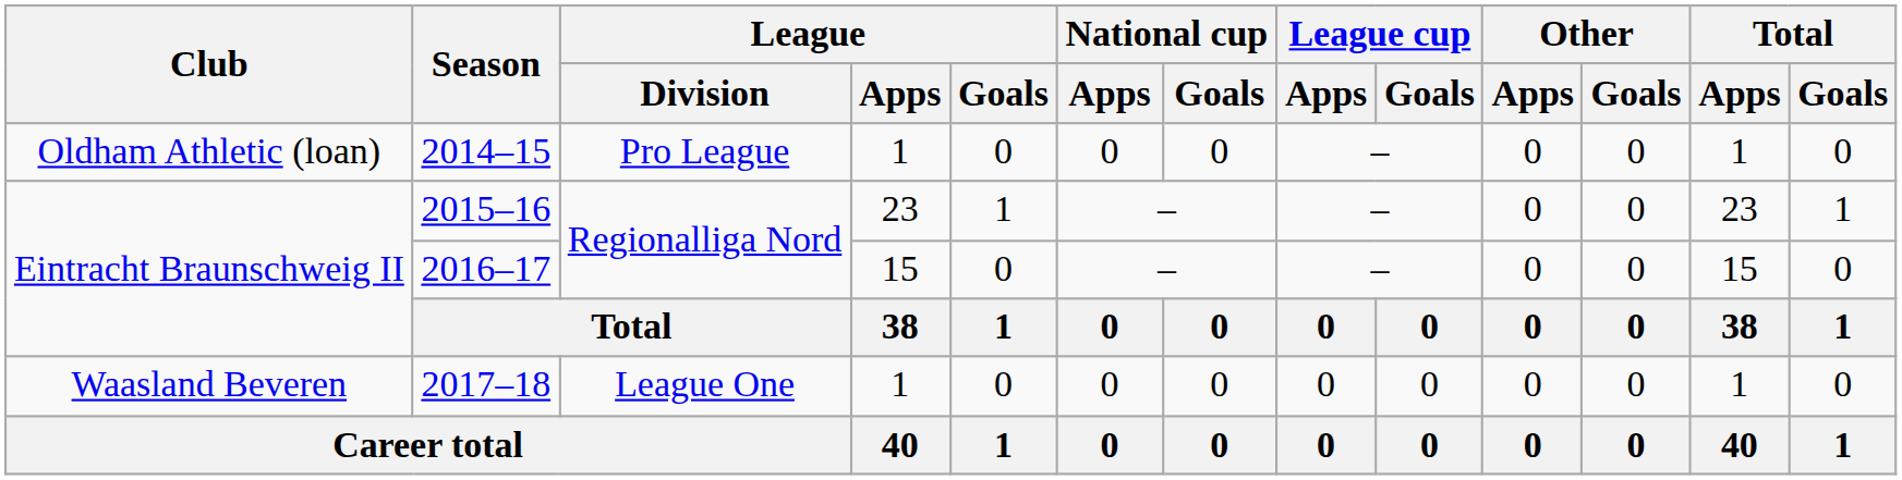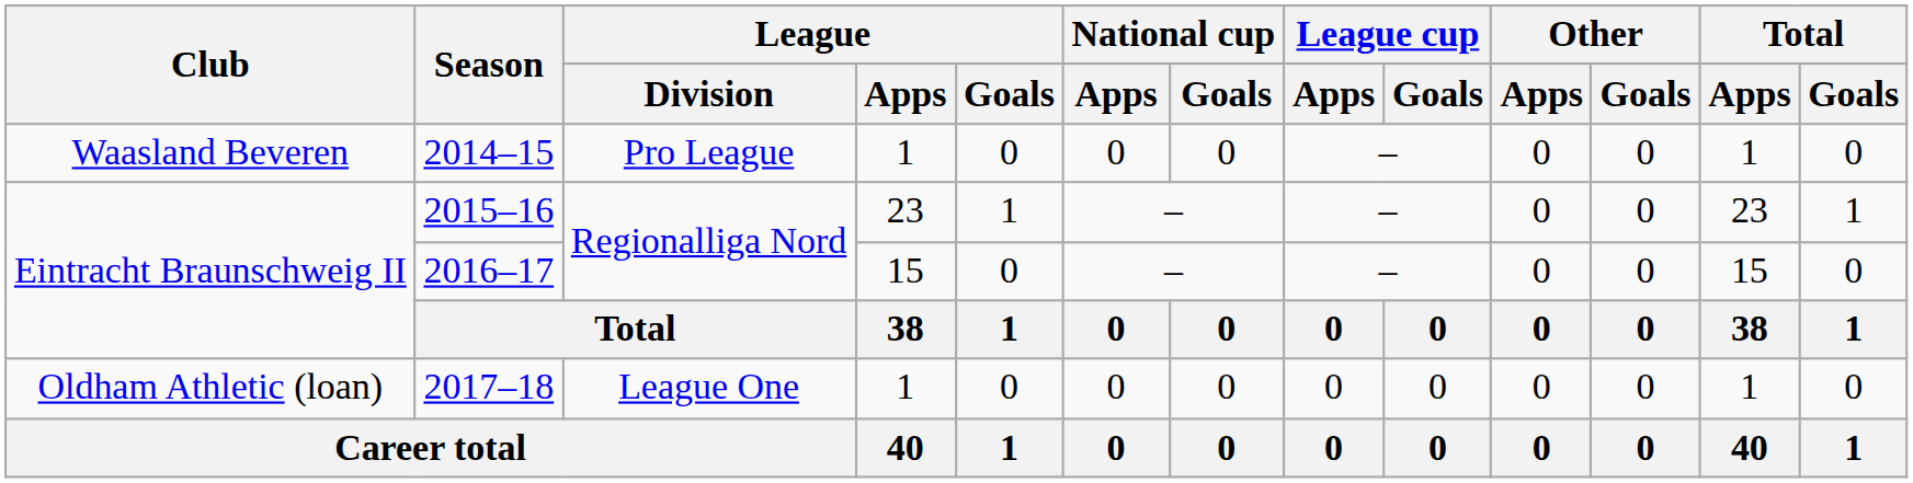 <table class="wikitable" style="text-align:center">
 <tr>
 <th rowspan="2">Club</th>
 <th rowspan="2">Season</th>
 <th colspan="3">League</th>
 <th colspan="2">National cup</th>
 <th colspan="2"><a href='#'>League cup</a></th>
 <th colspan="2">Other</th>
 <th colspan="2">Total</th>
 </tr>
 <tr>
 <th>Division</th>
 <th>Apps</th>
 <th>Goals</th>
 <th>Apps</th>
 <th>Goals</th>
 <th>Apps</th>
 <th>Goals</th>
 <th>Apps</th>
 <th>Goals</th>
 <th>Apps</th>
 <th>Goals</th>
 </tr>
 <tr>
-<td><a href='#'>Oldham Athletic</a> (loan)</td>
+<td><a href='#'>Waasland Beveren</a></td>
 <td><a href='#'>2014–15</a></td>
 <td><a href='#'>Pro League</a></td>
 <td>1</td>
 <td>0</td>
 <td>0</td>
 <td>0</td>
 <td colspan="2">–</td>
 <td>0</td>
 <td>0</td>
 <td>1</td>
 <td>0</td>
 </tr>
 <tr>
 <td rowspan="3"><a href='#'>Eintracht Braunschweig II</a></td>
 <td><a href='#'>2015–16</a></td>
 <td rowspan="2"><a href='#'>Regionalliga Nord</a></td>
 <td>23</td>
 <td>1</td>
 <td colspan="2">–</td>
 <td colspan="2">–</td>
 <td>0</td>
 <td>0</td>
 <td>23</td>
 <td>1</td>
 </tr>
 <tr>
 <td><a href='#'>2016–17</a></td>
 <td>15</td>
 <td>0</td>
 <td colspan="2">–</td>
 <td colspan="2">–</td>
 <td>0</td>
 <td>0</td>
 <td>15</td>
 <td>0</td>
 </tr>
 <tr>
 <th colspan="2">Total</th>
 <th>38</th>
 <th>1</th>
 <th>0</th>
 <th>0</th>
 <th>0</th>
 <th>0</th>
 <th>0</th>
 <th>0</th>
 <th>38</th>
 <th>1</th>
 </tr>
 <tr>
-<td><a href='#'>Waasland Beveren</a></td>
+<td><a href='#'>Oldham Athletic</a> (loan)</td>
 <td><a href='#'>2017–18</a></td>
 <td><a href='#'>League One</a></td>
 <td>1</td>
 <td>0</td>
 <td>0</td>
 <td>0</td>
 <td>0</td>
 <td>0</td>
 <td>0</td>
 <td>0</td>
 <td>1</td>
 <td>0</td>
 </tr>
 <tr>
 <th colspan="3">Career total</th>
 <th>40</th>
 <th>1</th>
 <th>0</th>
 <th>0</th>
 <th>0</th>
 <th>0</th>
 <th>0</th>
 <th>0</th>
 <th>40</th>
 <th>1</th>
 </tr>
 </table>
